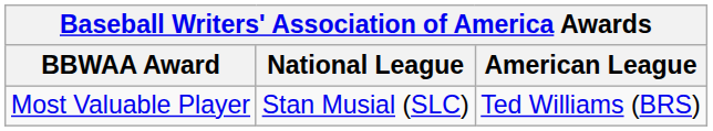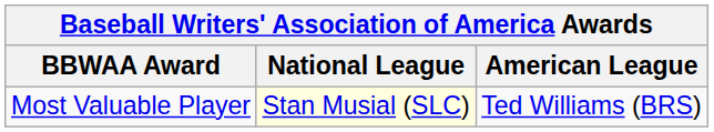 <table class="wikitable">
 <tr>
 <th colspan="3"><a href='#'>Baseball Writers' Association of America</a> Awards</th>
 </tr>
 <tr>
 <th>BBWAA Award</th>
 <th>National League</th>
 <th>American League</th>
 </tr>
 <tr>
 <td><a href='#'>Most Valuable Player</a></td>
-<td><a href='#'>Stan Musial</a> (<a href='#'>SLC</a>)</td>
+<td style="background: lightyellow;"><a href='#'>Stan Musial</a> (<a href='#'>SLC</a>)</td>
 <td><a href='#'>Ted Williams</a> (<a href='#'>BRS</a>)</td>
 </tr>
 </table>
